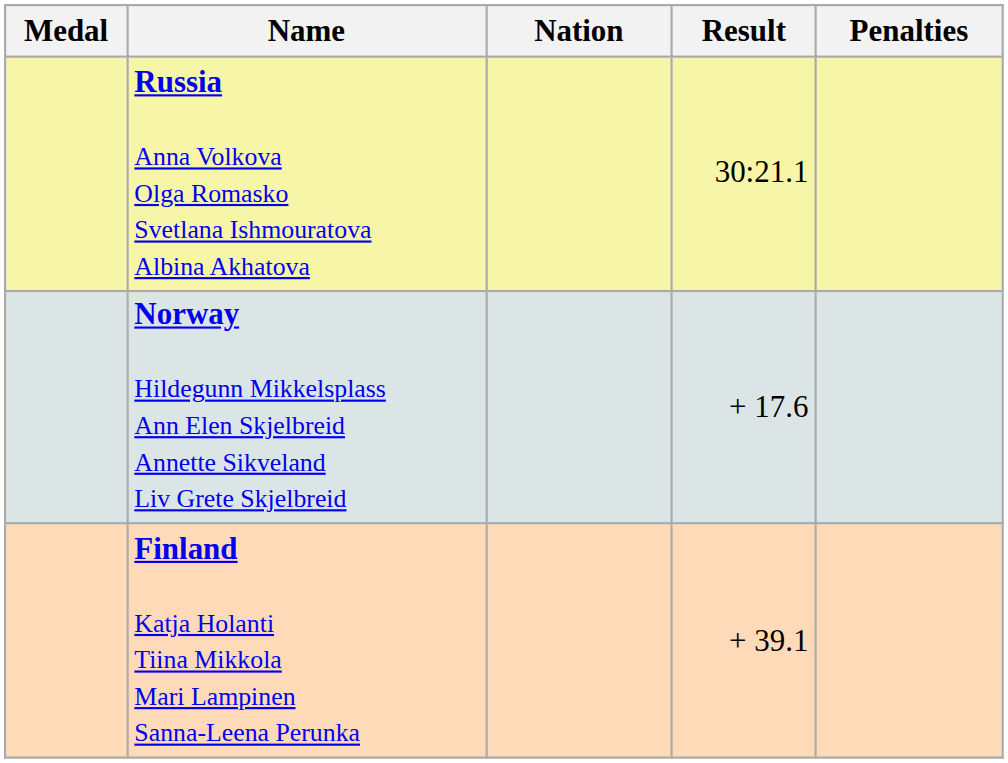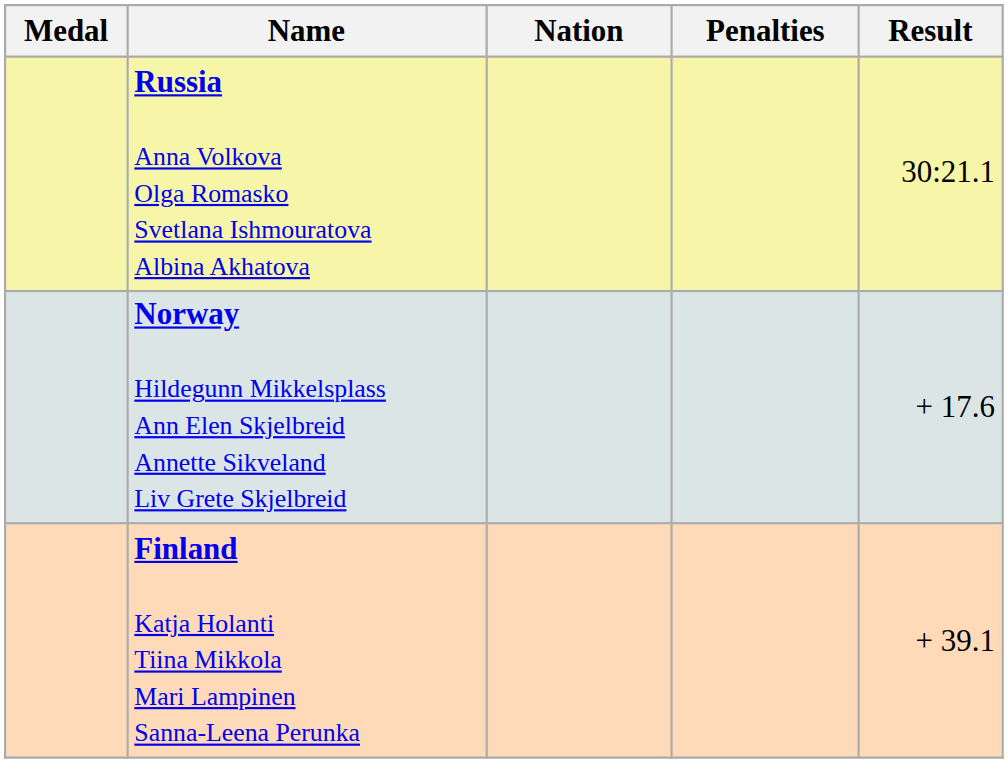 <table class=wikitable style="border:1px solid #AAAAAA;font-size:90%">
 <tr bgcolor="#E4E4E4">
 <th style="border-bottom:1px solid #AAAAAA" width=50>Medal</th>
 <th style="border-bottom:1px solid #AAAAAA" width=160>Name</th>
 <th style="border-bottom:1px solid #AAAAAA" width=80>Nation</th>
+<th style="border-bottom:1px solid #AAAAAA" width=80>Penalties</th>
 <th style="border-bottom:1px solid #AAAAAA" width=60>Result</th>
-<th style="border-bottom:1px solid #AAAAAA" width=80>Penalties</th>
 </tr>
 <tr bgcolor="#F7F6A8">
 <td align="center"></td>
 <td><strong><a href='#'>Russia</a></strong><br><br><small><a href='#'>Anna Volkova</a><br><a href='#'>Olga Romasko</a><br><a href='#'>Svetlana Ishmouratova</a><br><a href='#'>Albina Akhatova</a></small></td>
 <td></td>
+<td align="center"></td>
 <td align="right">30:21.1</td>
-<td align="center"></td>
 </tr>
 <tr bgcolor="#DCE5E5">
 <td align="center"></td>
 <td><strong><a href='#'>Norway</a></strong><br><br><small><a href='#'>Hildegunn Mikkelsplass</a><br><a href='#'>Ann Elen Skjelbreid</a><br><a href='#'>Annette Sikveland</a><br><a href='#'>Liv Grete Skjelbreid</a></small></td>
 <td></td>
+<td align="center"></td>
 <td align="right">+ 17.6</td>
-<td align="center"></td>
 </tr>
 <tr bgcolor="#FFDAB9">
 <td align="center"></td>
 <td><strong><a href='#'>Finland</a></strong><br><br><small><a href='#'>Katja Holanti</a><br><a href='#'>Tiina Mikkola</a><br><a href='#'>Mari Lampinen</a><br><a href='#'>Sanna-Leena Perunka</a></small></td>
 <td></td>
+<td align="center"></td>
 <td align="right">+ 39.1</td>
-<td align="center"></td>
 </tr>
 </table>
